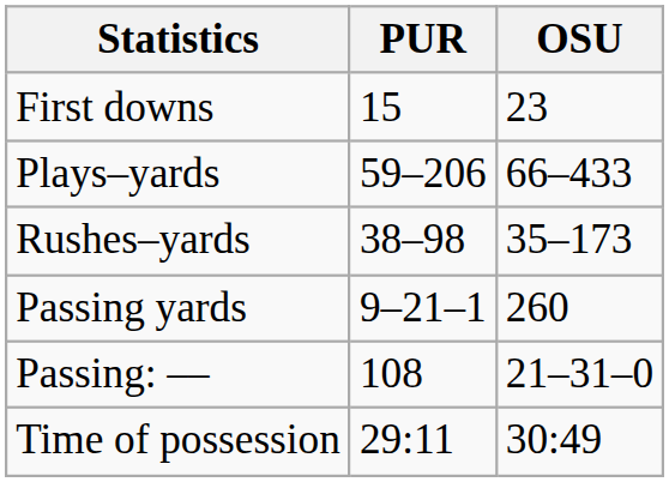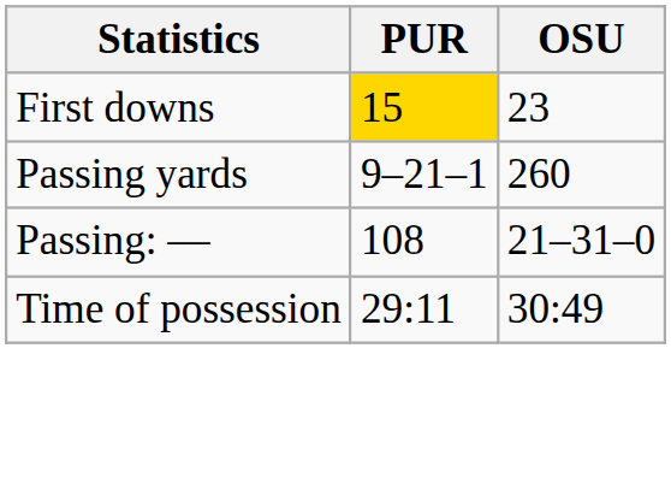 <table class="wikitable" style="float:left">
 <tr>
 <th>Statistics</th>
 <th>PUR</th>
 <th>OSU</th>
 </tr>
 <tr>
 <td>First downs</td>
-<td>15</td>
+<td style="background: gold;">15</td>
 <td>23</td>
-</tr>
-<tr>
-<td>Plays–yards</td>
-<td>59–206</td>
-<td>66–433</td>
-</tr>
-<tr>
-<td>Rushes–yards</td>
-<td>38–98</td>
-<td>35–173</td>
 </tr>
 <tr>
 <td>Passing yards</td>
 <td>9–21–1</td>
 <td>260</td>
 </tr>
 <tr>
 <td>Passing: ––</td>
 <td>108</td>
 <td>21–31–0</td>
 </tr>
 <tr>
 <td>Time of possession</td>
 <td>29:11</td>
 <td>30:49</td>
 </tr>
 </table>
